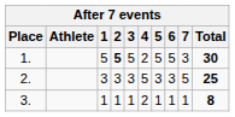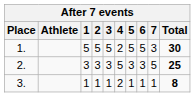 <table class=wikitable style="text-align:center">
 <tr>
 <th colspan=10><strong>After 7 events</strong></th>
 </tr>
 <tr>
 <th>Place</th>
 <th>Athlete</th>
 <th>1</th>
 <th>2</th>
 <th>3</th>
 <th>4</th>
 <th>5</th>
 <th>6</th>
 <th>7</th>
 <th>Total</th>
 </tr>
 <tr>
 <td width=30>1.</td>
 <td align=left></td>
 <td>5</td>
-<td><strong>5</strong></td>
+<td>5</td>
 <td>5</td>
 <td>2</td>
 <td>5</td>
 <td>5</td>
 <td>3</td>
 <td><strong>30</strong></td>
 </tr>
 <tr>
 <td>2.</td>
 <td align=left></td>
 <td>3</td>
 <td>3</td>
 <td>3</td>
 <td>5</td>
 <td>3</td>
 <td>3</td>
 <td>5</td>
 <td><strong>25</strong></td>
 </tr>
 <tr>
 <td>3.</td>
 <td align=left></td>
 <td>1</td>
 <td>1</td>
 <td>1</td>
 <td>2</td>
 <td>1</td>
 <td>1</td>
 <td>1</td>
 <td><strong>8</strong></td>
 </tr>
 </table>
